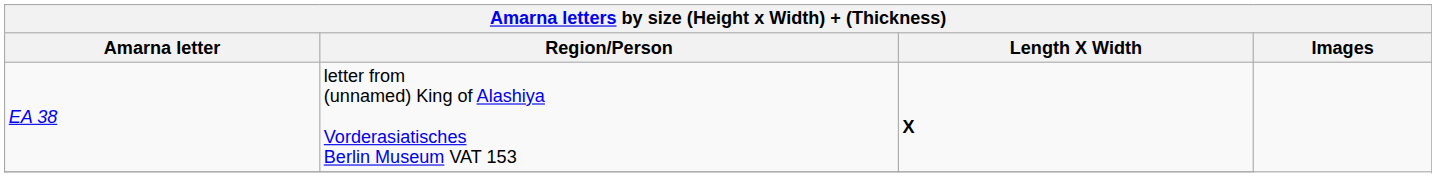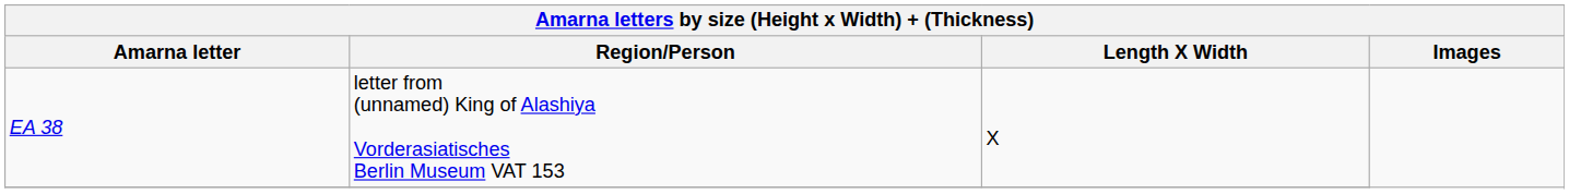 <table class="wikitable" align="center" width="100%">
 <tr>
 <th colspan="5" align="center"><strong><a href='#'>Amarna letters</a> by size (Height x Width) + (Thickness)</strong></th>
 </tr>
 <tr>
 <th>Amarna letter</th>
 <th>Region/Person</th>
 <th>Length X Width</th>
 <th>Images</th>
 </tr>
 <tr>
 <td><em><a href='#'>EA 38</a></em></td>
 <td>letter from <br>(unnamed) King of <a href='#'>Alashiya</a><br><br> <a href='#'>Vorderasiatisches</a><br><a href='#'>Berlin Museum</a> VAT 153</td>
-<td><strong> <br>X </strong></td>
+<td> <br>X </td>
 <td rowspan="99"></td>
 </tr>
 <tr>
 </tr>
 </table>
